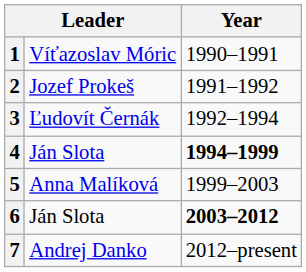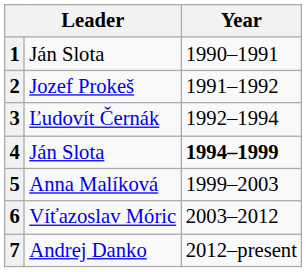 <table class="wikitable">
 <tr>
 <th colspan="2">Leader</th>
 <th>Year</th>
 </tr>
 <tr>
 <th style="background:">1</th>
-<td><a href='#'>Víťazoslav Móric</a></td>
+<td>Ján Slota</td>
 <td>1990–1991</td>
 </tr>
 <tr>
 <th style="background:">2</th>
 <td><a href='#'>Jozef Prokeš</a></td>
 <td>1991–1992</td>
 </tr>
 <tr>
 <th style="background:">3</th>
 <td><a href='#'>Ľudovít Černák</a></td>
 <td>1992–1994</td>
 </tr>
 <tr>
 <th style="background:">4</th>
 <td><a href='#'>Ján Slota</a></td>
 <td><strong>1994–1999</strong></td>
 </tr>
 <tr>
 <th style="background:">5</th>
 <td><a href='#'>Anna Malíková</a></td>
 <td>1999–2003</td>
 </tr>
 <tr>
 <th style="background:">6</th>
-<td>Ján Slota</td>
-<td><strong>2003–2012</strong></td>
+<td><a href='#'>Víťazoslav Móric</a></td>
+<td>2003–2012</td>
 </tr>
 <tr>
 <th style="background:">7</th>
 <td><a href='#'>Andrej Danko</a></td>
 <td>2012–present</td>
 </tr>
 </table>
